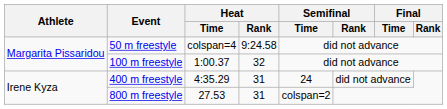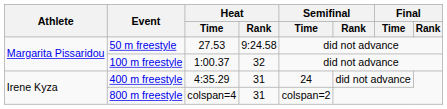 <table class=wikitable style="font-size:90%">
 <tr>
 <th rowspan=2>Athlete</th>
 <th rowspan=2>Event</th>
 <th colspan="2">Heat</th>
 <th colspan="2">Semifinal</th>
 <th colspan="2">Final</th>
 </tr>
 <tr style="font-size:95%">
 <th>Time</th>
 <th>Rank</th>
 <th>Time</th>
 <th>Rank</th>
 <th>Time</th>
 <th>Rank</th>
 </tr>
 <tr align=center>
 <td align=left rowspan=2><a href='#'>Margarita Pissaridou</a></td>
 <td align=left><a href='#'>50 m freestyle</a></td>
-<td>colspan=4 </td>
+<td>27.53</td>
 <td>9:24.58</td>
 <td colspan=4>did not advance</td>
 </tr>
 <tr align=center>
 <td align=left><a href='#'>100 m freestyle</a></td>
 <td>1:00.37</td>
 <td>32</td>
 <td colspan=4>did not advance</td>
 </tr>
 <tr align=center>
 <td align=left rowspan=2>Irene Kyza</td>
 <td align=left><a href='#'>400 m freestyle</a></td>
 <td>4:35.29</td>
 <td>31</td>
 <td>24</td>
 <td colspan=2>did not advance</td>
 </tr>
 <tr align=center>
 <td align=left><a href='#'>800 m freestyle</a></td>
-<td>27.53</td>
+<td>colspan=4 </td>
 <td>31</td>
 <td>colspan=2 </td>
 </tr>
 </table>
